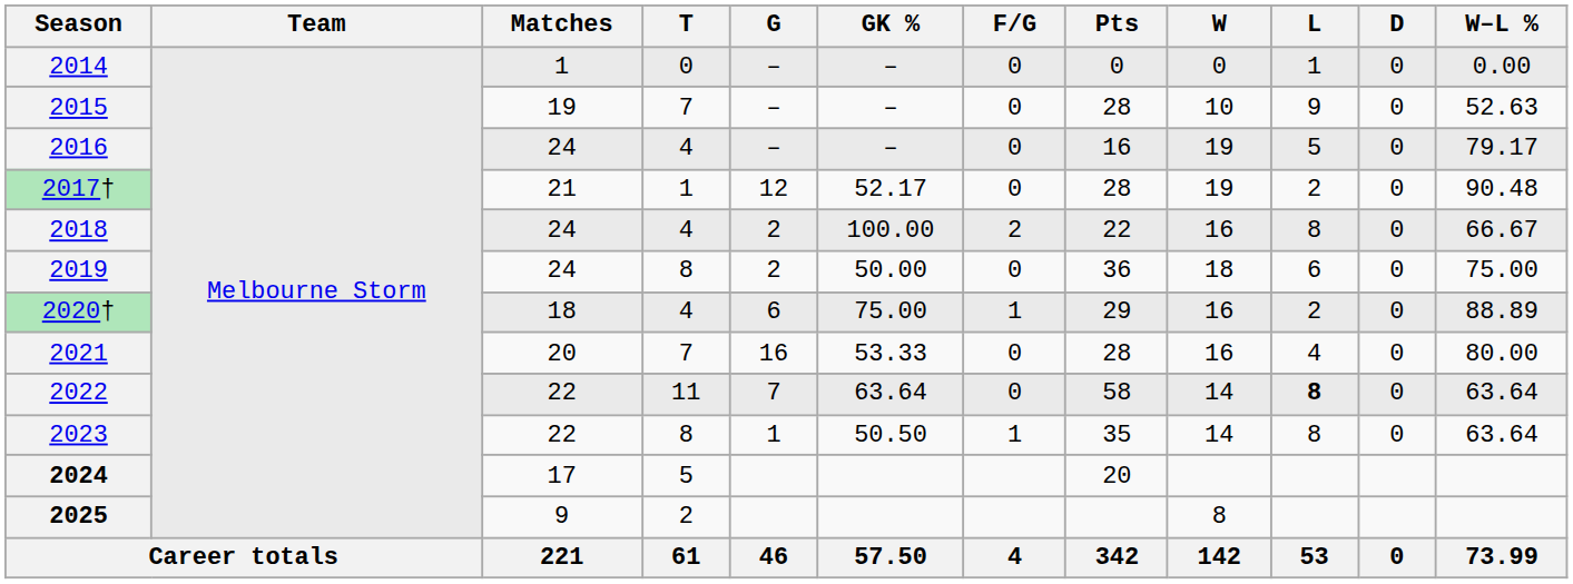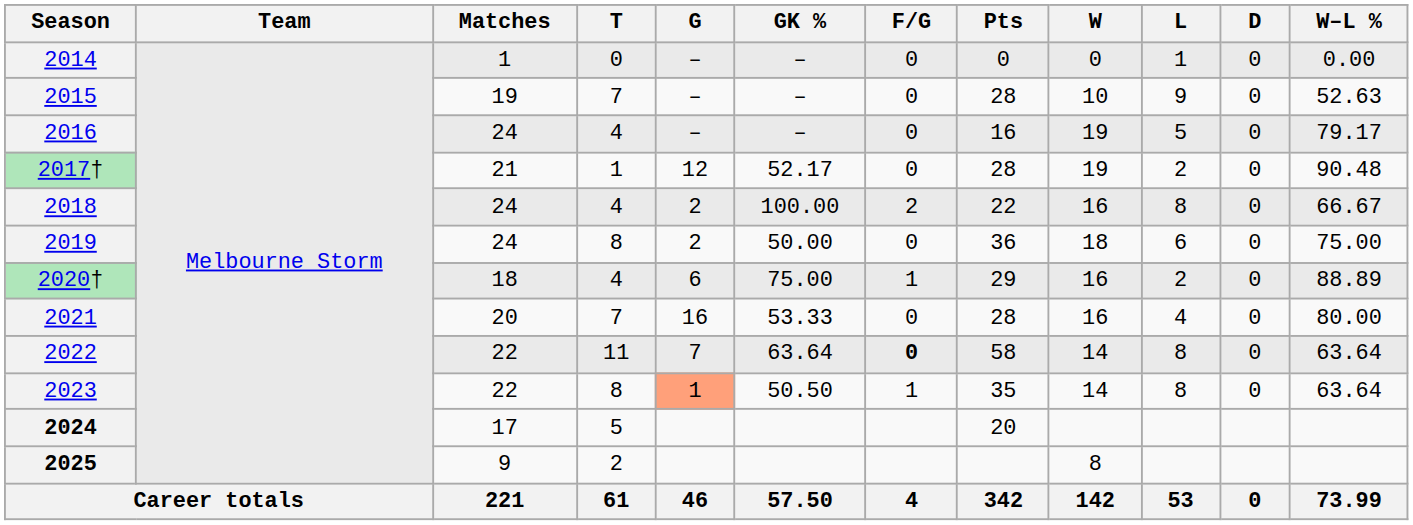 <table class="wikitable sortable"  style="font-size:90%; text-align:center; width:85%;">
 <tr>
 <th width=2%>Season</th>
 <th width=8%>Team</th>
 <th width=2%>Matches</th>
 <th width=2%>T</th>
 <th width=2%>G</th>
 <th width=2%>GK %</th>
 <th width=2%>F/G</th>
 <th width=2%>Pts</th>
 <th width=2%>W</th>
 <th width=2%>L</th>
 <th width=2%>D</th>
 <th width=2%>W–L %</th>
 </tr>
 <tr style="background-color: #EAEAEA">
 <th scope="row" style="text-align:center; font-weight:normal"><a href='#'>2014</a></th>
 <td rowspan="12" style="text-align:center;"> <a href='#'>Melbourne Storm</a></td>
 <td>1</td>
 <td>0</td>
 <td>–</td>
 <td>–</td>
 <td>0</td>
 <td>0</td>
 <td>0</td>
 <td>1</td>
 <td>0</td>
 <td>0.00</td>
 </tr>
 <tr>
 <th scope="row" style="text-align:center; font-weight:normal"><a href='#'>2015</a></th>
 <td>19</td>
 <td>7</td>
 <td>–</td>
 <td>–</td>
 <td>0</td>
 <td>28</td>
 <td>10</td>
 <td>9</td>
 <td>0</td>
 <td>52.63</td>
 </tr>
 <tr style="background-color: #EAEAEA">
 <th scope="row" style="text-align:center; font-weight:normal"><a href='#'>2016</a></th>
 <td>24</td>
 <td>4</td>
 <td>–</td>
 <td>–</td>
 <td>0</td>
 <td>16</td>
 <td>19</td>
 <td>5</td>
 <td>0</td>
 <td>79.17</td>
 </tr>
 <tr>
 <th scope="row" style="text-align:center;background:#afe6ba; font-weight:normal"><a href='#'>2017</a>†</th>
 <td>21</td>
 <td>1</td>
 <td>12</td>
 <td>52.17</td>
 <td>0</td>
 <td>28</td>
 <td>19</td>
 <td>2</td>
 <td>0</td>
 <td>90.48</td>
 </tr>
 <tr style="background-color: #EAEAEA">
 <th scope="row" style="text-align:center; font-weight:normal"><a href='#'>2018</a></th>
 <td>24</td>
 <td>4</td>
 <td>2</td>
 <td>100.00</td>
 <td>2</td>
 <td>22</td>
 <td>16</td>
 <td>8</td>
 <td>0</td>
 <td>66.67</td>
 </tr>
 <tr>
 <th scope="row" style="text-align:center; font-weight:normal"><a href='#'>2019</a></th>
 <td>24</td>
 <td>8</td>
 <td>2</td>
 <td>50.00</td>
 <td>0</td>
 <td>36</td>
 <td>18</td>
 <td>6</td>
 <td>0</td>
 <td>75.00</td>
 </tr>
 <tr style="background-color: #EAEAEA">
 <th scope="row" style="text-align:center;background:#afe6ba; font-weight:normal"><a href='#'>2020</a>†</th>
 <td>18</td>
 <td>4</td>
 <td>6</td>
 <td>75.00</td>
 <td>1</td>
 <td>29</td>
 <td>16</td>
 <td>2</td>
 <td>0</td>
 <td>88.89</td>
 </tr>
 <tr>
 <th scope="row" style="text-align:center; font-weight:normal"><a href='#'>2021</a></th>
 <td>20</td>
 <td>7</td>
 <td>16</td>
 <td>53.33</td>
 <td>0</td>
 <td>28</td>
 <td>16</td>
 <td>4</td>
 <td>0</td>
 <td>80.00</td>
 </tr>
 <tr style="background-color: #EAEAEA">
 <th scope="row" style="text-align:center; font-weight:normal"><a href='#'>2022</a></th>
 <td>22</td>
 <td>11</td>
 <td>7</td>
 <td>63.64</td>
-<td>0</td>
+<td><strong>0</strong></td>
 <td>58</td>
 <td>14</td>
-<td><strong>8</strong></td>
+<td>8</td>
 <td>0</td>
 <td>63.64</td>
 </tr>
 <tr>
 <th scope="row" style="text-align:center; font-weight:normal"><a href='#'>2023</a></th>
 <td>22</td>
 <td>8</td>
-<td>1</td>
+<td style="background: lightsalmon;">1</td>
 <td>50.50</td>
 <td>1</td>
 <td>35</td>
 <td>14</td>
 <td>8</td>
 <td>0</td>
 <td>63.64</td>
 </tr>
 <tr>
 <th>2024</th>
 <td>17</td>
 <td>5</td>
 <td></td>
 <td></td>
 <td></td>
 <td>20</td>
 <td></td>
 <td></td>
 <td></td>
 <td></td>
 </tr>
 <tr>
 <th>2025</th>
 <td>9</td>
 <td>2</td>
 <td></td>
 <td></td>
 <td></td>
 <td></td>
 <td>8</td>
 <td></td>
 <td></td>
 <td></td>
 </tr>
 <tr class="sortbottom">
 <th colspan="2">Career totals</th>
 <th>221</th>
 <th>61</th>
 <th>46</th>
 <th>57.50</th>
 <th>4</th>
 <th>342</th>
 <th>142</th>
 <th>53</th>
 <th>0</th>
 <th>73.99</th>
 </tr>
 </table>
